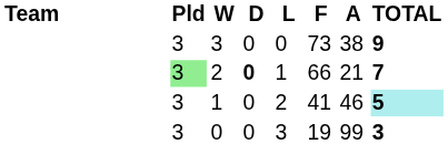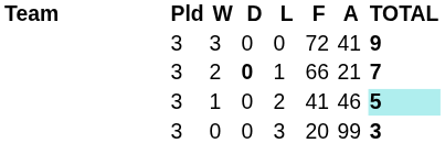 <table>
 <tr>
 <td><br></td>
 </tr>
 <tr border=1 cellpadding=5 cellspacing=0>
 <th width="200">Team</th>
 <th width="20">Pld</th>
 <th width="20">W</th>
 <th width="20">D</th>
 <th width="20">L</th>
 <th width="20">F</th>
 <th width="20">A</th>
 <th width="20">TOTAL</th>
 </tr>
 <tr>
 <td align=left></td>
 <td>3</td>
 <td>3</td>
 <td>0</td>
 <td>0</td>
-<td>73</td>
-<td>38</td>
+<td>72</td>
+<td>41</td>
 <td><strong>9</strong></td>
 </tr>
 <tr>
 <td align=left></td>
-<td style="background: lightgreen;">3</td>
+<td>3</td>
 <td>2</td>
 <td><strong>0</strong></td>
 <td>1</td>
 <td>66</td>
 <td>21</td>
 <td><strong>7</strong></td>
 </tr>
 <tr>
 <td align=left></td>
 <td>3</td>
 <td>1</td>
 <td>0</td>
 <td>2</td>
 <td>41</td>
 <td>46</td>
 <td style="background: paleturquoise;"><strong>5</strong></td>
 </tr>
 <tr>
 <td align=left></td>
 <td>3</td>
 <td>0</td>
 <td>0</td>
 <td>3</td>
-<td>19</td>
+<td>20</td>
 <td>99</td>
 <td><strong>3</strong></td>
 </tr>
 </table>
